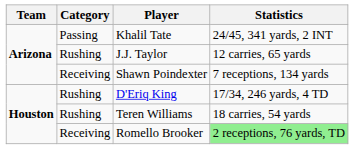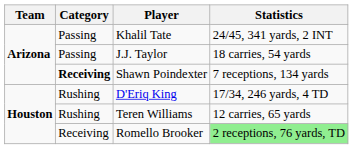 <table class="wikitable" style="float: right;">
 <tr>
 <th>Team</th>
 <th>Category</th>
 <th>Player</th>
 <th>Statistics</th>
 </tr>
 <tr>
 <td rowspan=3><strong>Arizona</strong></td>
 <td>Passing</td>
 <td>Khalil Tate</td>
 <td>24/45, 341 yards, 2 INT</td>
 </tr>
 <tr>
-<td>Rushing</td>
+<td>Passing</td>
 <td>J.J. Taylor</td>
-<td>12 carries, 65 yards</td>
+<td>18 carries, 54 yards</td>
 </tr>
 <tr>
-<td>Receiving</td>
+<td><strong>Receiving</strong></td>
 <td>Shawn Poindexter</td>
 <td>7 receptions, 134 yards</td>
 </tr>
 <tr>
 <td rowspan=3><strong>Houston</strong></td>
 <td>Rushing</td>
 <td><a href='#'>D'Eriq King</a></td>
 <td>17/34, 246 yards, 4 TD</td>
 </tr>
 <tr>
 <td>Rushing</td>
 <td>Teren Williams</td>
-<td>18 carries, 54 yards</td>
+<td>12 carries, 65 yards</td>
 </tr>
 <tr>
 <td>Receiving</td>
 <td>Romello Brooker</td>
 <td style="background: lightgreen;">2 receptions, 76 yards, TD</td>
 </tr>
 </table>
